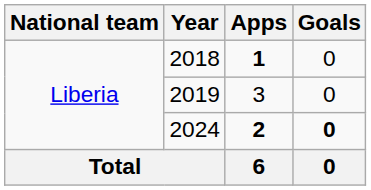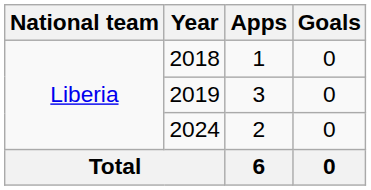 <table class=wikitable style=text-align:center>
 <tr>
 <th>National team</th>
 <th>Year</th>
 <th>Apps</th>
 <th>Goals</th>
 </tr>
 <tr>
 <td rowspan="3"><a href='#'>Liberia</a></td>
 <td>2018</td>
-<td><strong>1</strong></td>
+<td>1</td>
 <td>0</td>
 </tr>
 <tr>
 <td>2019</td>
 <td>3</td>
 <td>0</td>
 </tr>
 <tr>
 <td>2024</td>
-<td><strong>2</strong></td>
-<td><strong>0</strong></td>
+<td>2</td>
+<td>0</td>
 </tr>
 <tr>
 <th colspan="2">Total</th>
 <th>6</th>
 <th>0</th>
 </tr>
 </table>
